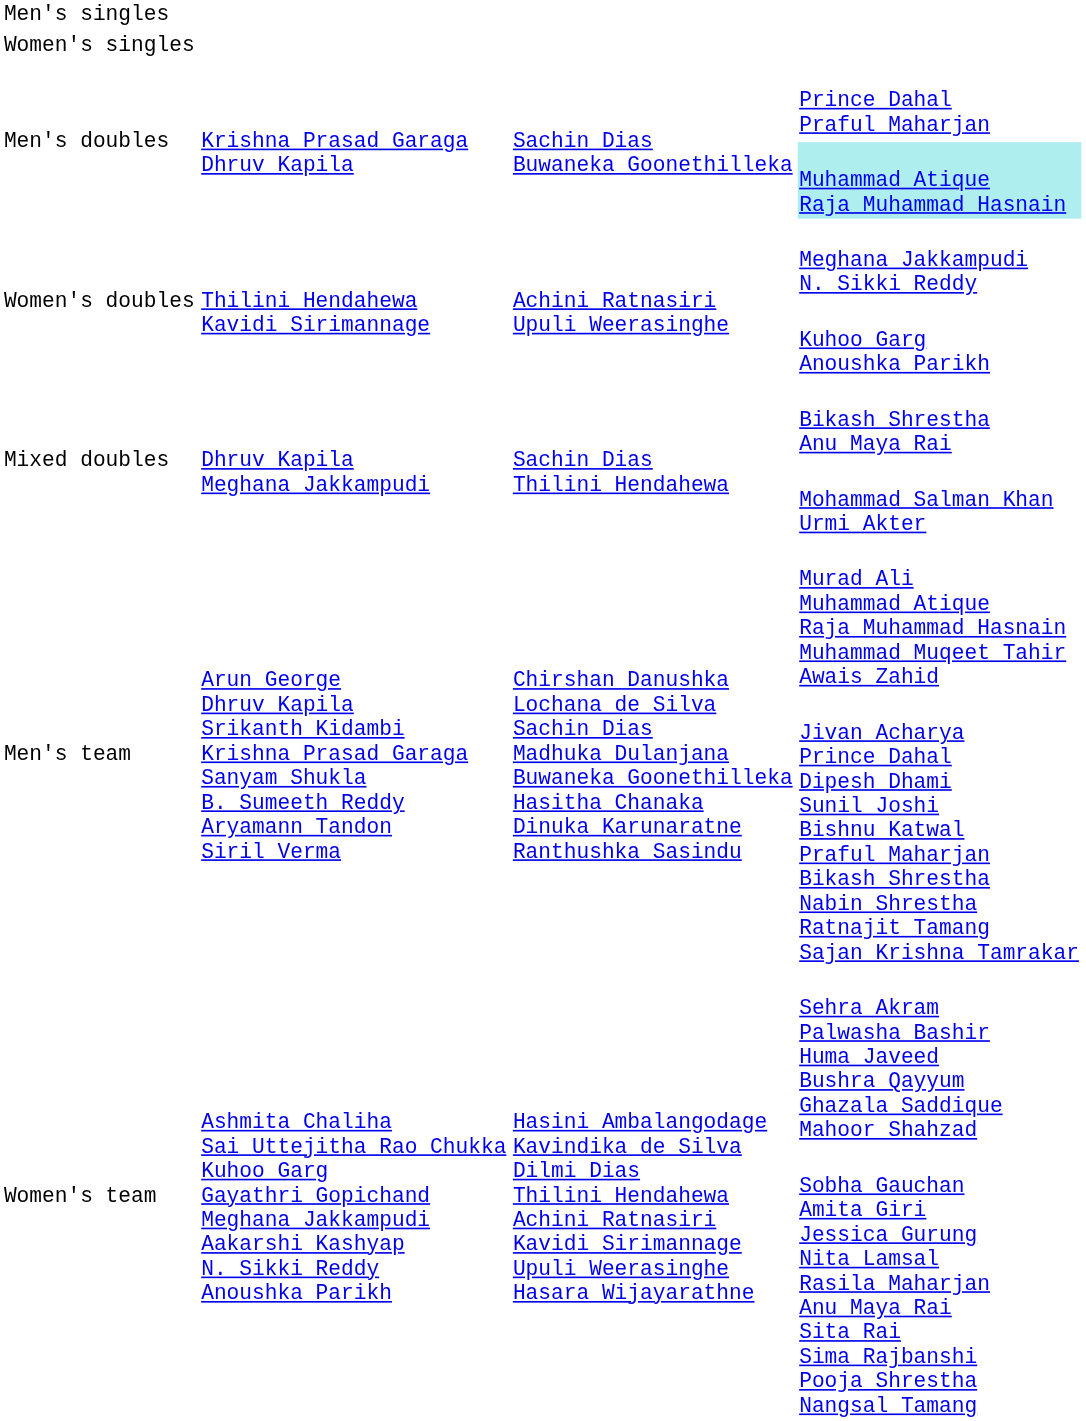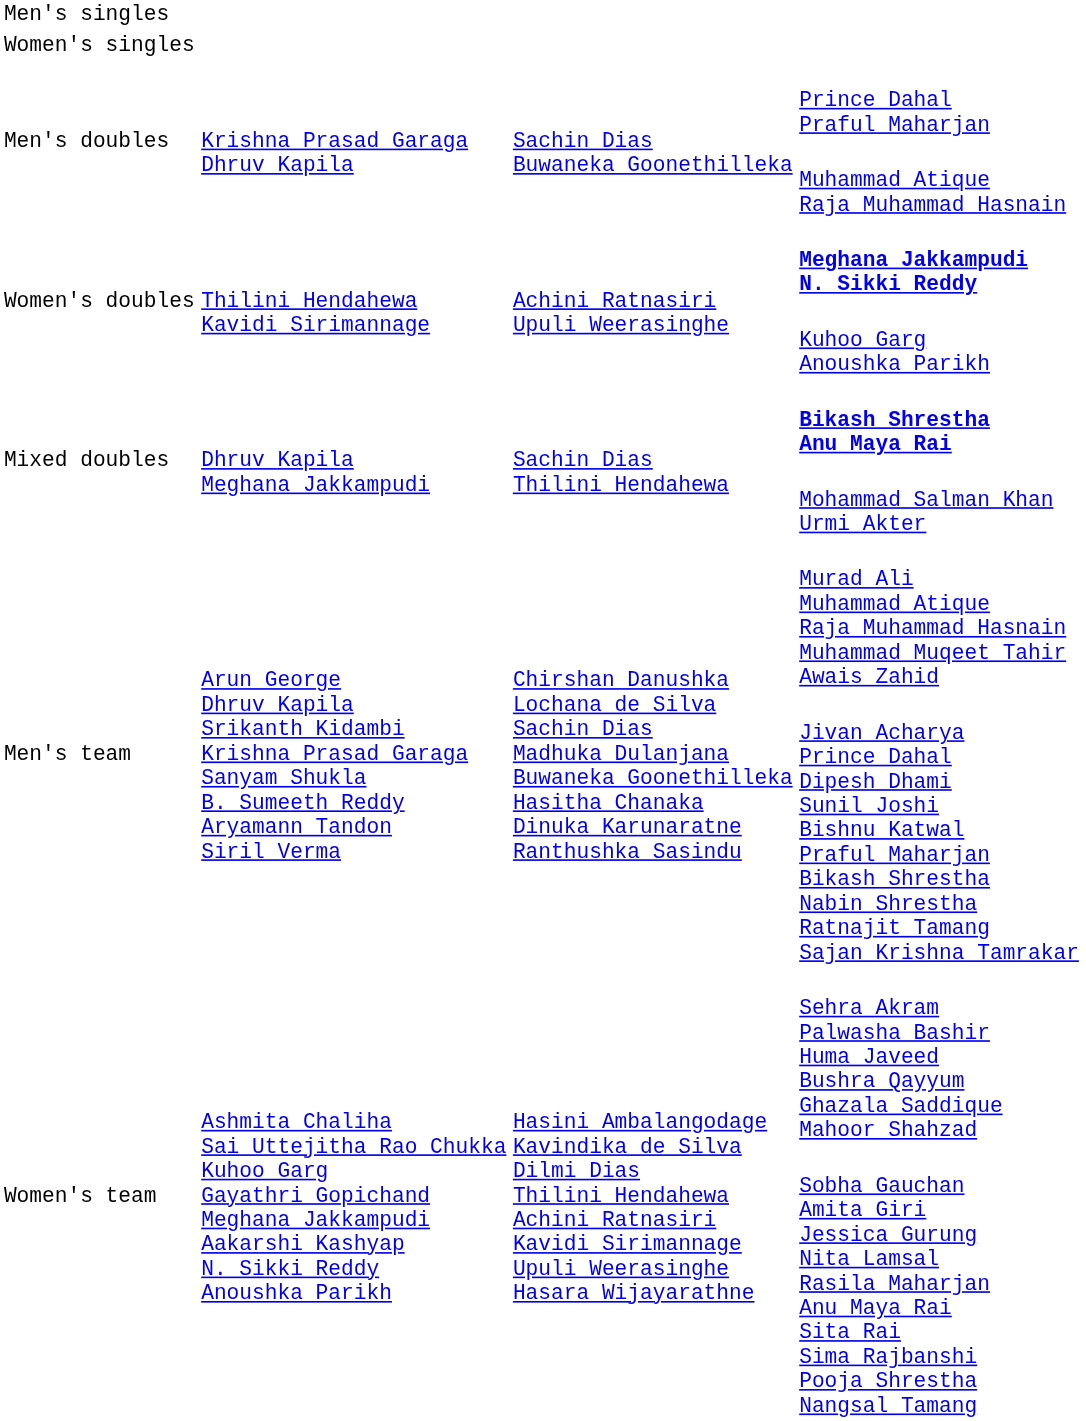 <table>
 <tr>
 <td rowspan=2>Men's singles</td>
 <td rowspan=2></td>
 <td rowspan=2></td>
 <td></td>
 </tr>
 <tr>
 <td></td>
 </tr>
 <tr>
 <td rowspan=2>Women's singles</td>
 <td rowspan=2></td>
 <td rowspan=2></td>
 <td></td>
 </tr>
 <tr>
 <td></td>
 </tr>
 <tr>
 <td rowspan=2>Men's doubles</td>
 <td rowspan=2><br><a href='#'>Krishna Prasad Garaga</a><br><a href='#'>Dhruv Kapila</a></td>
 <td rowspan=2><br><a href='#'>Sachin Dias</a><br><a href='#'>Buwaneka Goonethilleka</a></td>
 <td><br><a href='#'>Prince Dahal</a><br><a href='#'>Praful Maharjan</a></td>
 </tr>
 <tr>
-<td style="background: paleturquoise;"><br><a href='#'>Muhammad Atique</a><br><a href='#'>Raja Muhammad Hasnain</a></td>
+<td><br><a href='#'>Muhammad Atique</a><br><a href='#'>Raja Muhammad Hasnain</a></td>
 </tr>
 <tr>
 <td rowspan=2>Women's doubles</td>
 <td rowspan=2><br><a href='#'>Thilini Hendahewa</a><br><a href='#'>Kavidi Sirimannage</a></td>
 <td rowspan=2><br><a href='#'>Achini Ratnasiri</a><br><a href='#'>Upuli Weerasinghe</a></td>
-<td><br><a href='#'>Meghana Jakkampudi</a><br><a href='#'>N. Sikki Reddy</a></td>
+<td><strong><br><a href='#'>Meghana Jakkampudi</a><br><a href='#'>N. Sikki Reddy</a></strong></td>
 </tr>
 <tr>
 <td><br><a href='#'>Kuhoo Garg</a><br><a href='#'>Anoushka Parikh</a></td>
 </tr>
 <tr>
 <td rowspan=2>Mixed doubles</td>
 <td rowspan=2><br><a href='#'>Dhruv Kapila</a><br><a href='#'>Meghana Jakkampudi</a></td>
 <td rowspan=2><br><a href='#'>Sachin Dias</a><br><a href='#'>Thilini Hendahewa</a></td>
-<td><br><a href='#'>Bikash Shrestha</a><br><a href='#'>Anu Maya Rai</a></td>
+<td><strong><br><a href='#'>Bikash Shrestha</a><br><a href='#'>Anu Maya Rai</a></strong></td>
 </tr>
 <tr>
 <td><br><a href='#'>Mohammad Salman Khan</a><br><a href='#'>Urmi Akter</a></td>
 </tr>
 <tr>
 <td rowspan=2>Men's team<br></td>
 <td rowspan=2><br><a href='#'>Arun George</a><br><a href='#'>Dhruv Kapila</a><br><a href='#'>Srikanth Kidambi</a><br><a href='#'>Krishna Prasad Garaga</a><br><a href='#'>Sanyam Shukla</a><br><a href='#'>B. Sumeeth Reddy</a><br><a href='#'>Aryamann Tandon</a><br><a href='#'>Siril Verma</a></td>
 <td rowspan=2><br><a href='#'>Chirshan Danushka</a><br><a href='#'>Lochana de Silva</a><br><a href='#'>Sachin Dias</a><br><a href='#'>Madhuka Dulanjana</a><br><a href='#'>Buwaneka Goonethilleka</a><br><a href='#'>Hasitha Chanaka</a><br><a href='#'>Dinuka Karunaratne</a><br><a href='#'>Ranthushka Sasindu</a></td>
 <td><br><a href='#'>Murad Ali</a><br><a href='#'>Muhammad Atique</a><br><a href='#'>Raja Muhammad Hasnain</a><br><a href='#'>Muhammad Muqeet Tahir</a><br><a href='#'>Awais Zahid</a></td>
 </tr>
 <tr>
 <td><br><a href='#'>Jivan Acharya</a><br><a href='#'>Prince Dahal</a><br><a href='#'>Dipesh Dhami</a><br><a href='#'>Sunil Joshi</a><br><a href='#'>Bishnu Katwal</a><br><a href='#'>Praful Maharjan</a><br><a href='#'>Bikash Shrestha</a><br><a href='#'>Nabin Shrestha</a><br><a href='#'>Ratnajit Tamang</a><br><a href='#'>Sajan Krishna Tamrakar</a></td>
 </tr>
 <tr>
 <td rowspan=2>Women's team<br></td>
 <td rowspan=2><br><a href='#'>Ashmita Chaliha</a><br><a href='#'>Sai Uttejitha Rao Chukka</a><br><a href='#'>Kuhoo Garg</a><br><a href='#'>Gayathri Gopichand</a><br><a href='#'>Meghana Jakkampudi</a><br><a href='#'>Aakarshi Kashyap</a><br><a href='#'>N. Sikki Reddy</a><br><a href='#'>Anoushka Parikh</a></td>
 <td rowspan=2><br><a href='#'>Hasini Ambalangodage</a><br><a href='#'>Kavindika de Silva</a><br><a href='#'>Dilmi Dias</a><br><a href='#'>Thilini Hendahewa</a><br><a href='#'>Achini Ratnasiri</a><br><a href='#'>Kavidi Sirimannage</a><br><a href='#'>Upuli Weerasinghe</a><br><a href='#'>Hasara Wijayarathne</a></td>
 <td><br><a href='#'>Sehra Akram</a><br><a href='#'>Palwasha Bashir</a><br><a href='#'>Huma Javeed</a><br><a href='#'>Bushra Qayyum</a><br><a href='#'>Ghazala Saddique</a><br><a href='#'>Mahoor Shahzad</a></td>
 </tr>
 <tr>
 <td><br><a href='#'>Sobha Gauchan</a><br><a href='#'>Amita Giri</a><br><a href='#'>Jessica Gurung</a><br><a href='#'>Nita Lamsal</a><br><a href='#'>Rasila Maharjan</a><br><a href='#'>Anu Maya Rai</a><br><a href='#'>Sita Rai</a><br><a href='#'>Sima Rajbanshi</a><br><a href='#'>Pooja Shrestha</a><br><a href='#'>Nangsal Tamang</a></td>
 </tr>
 </table>
